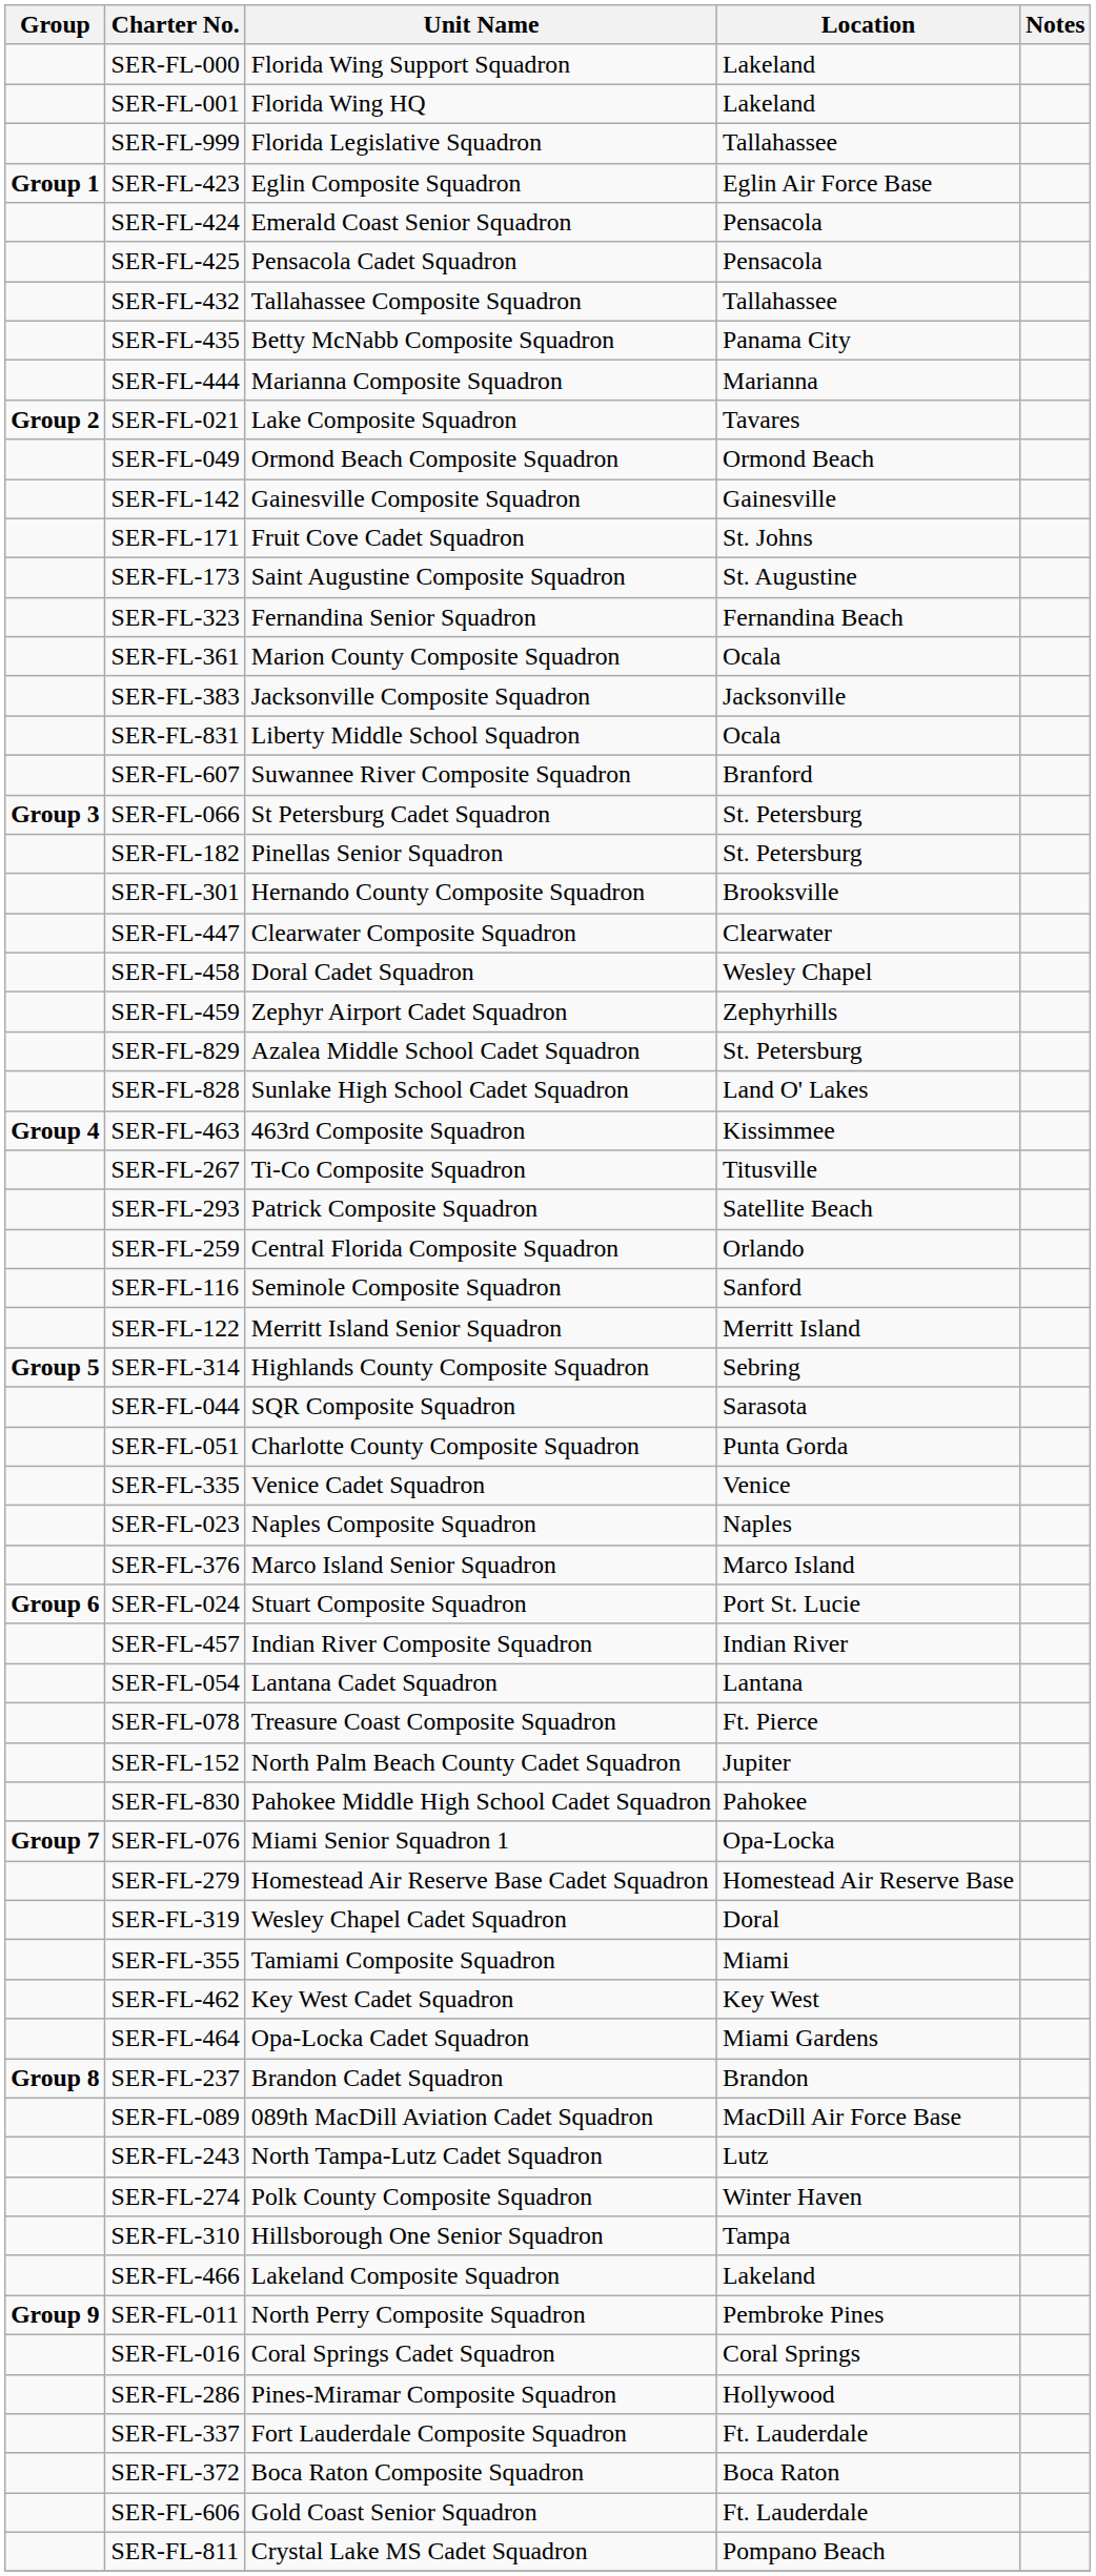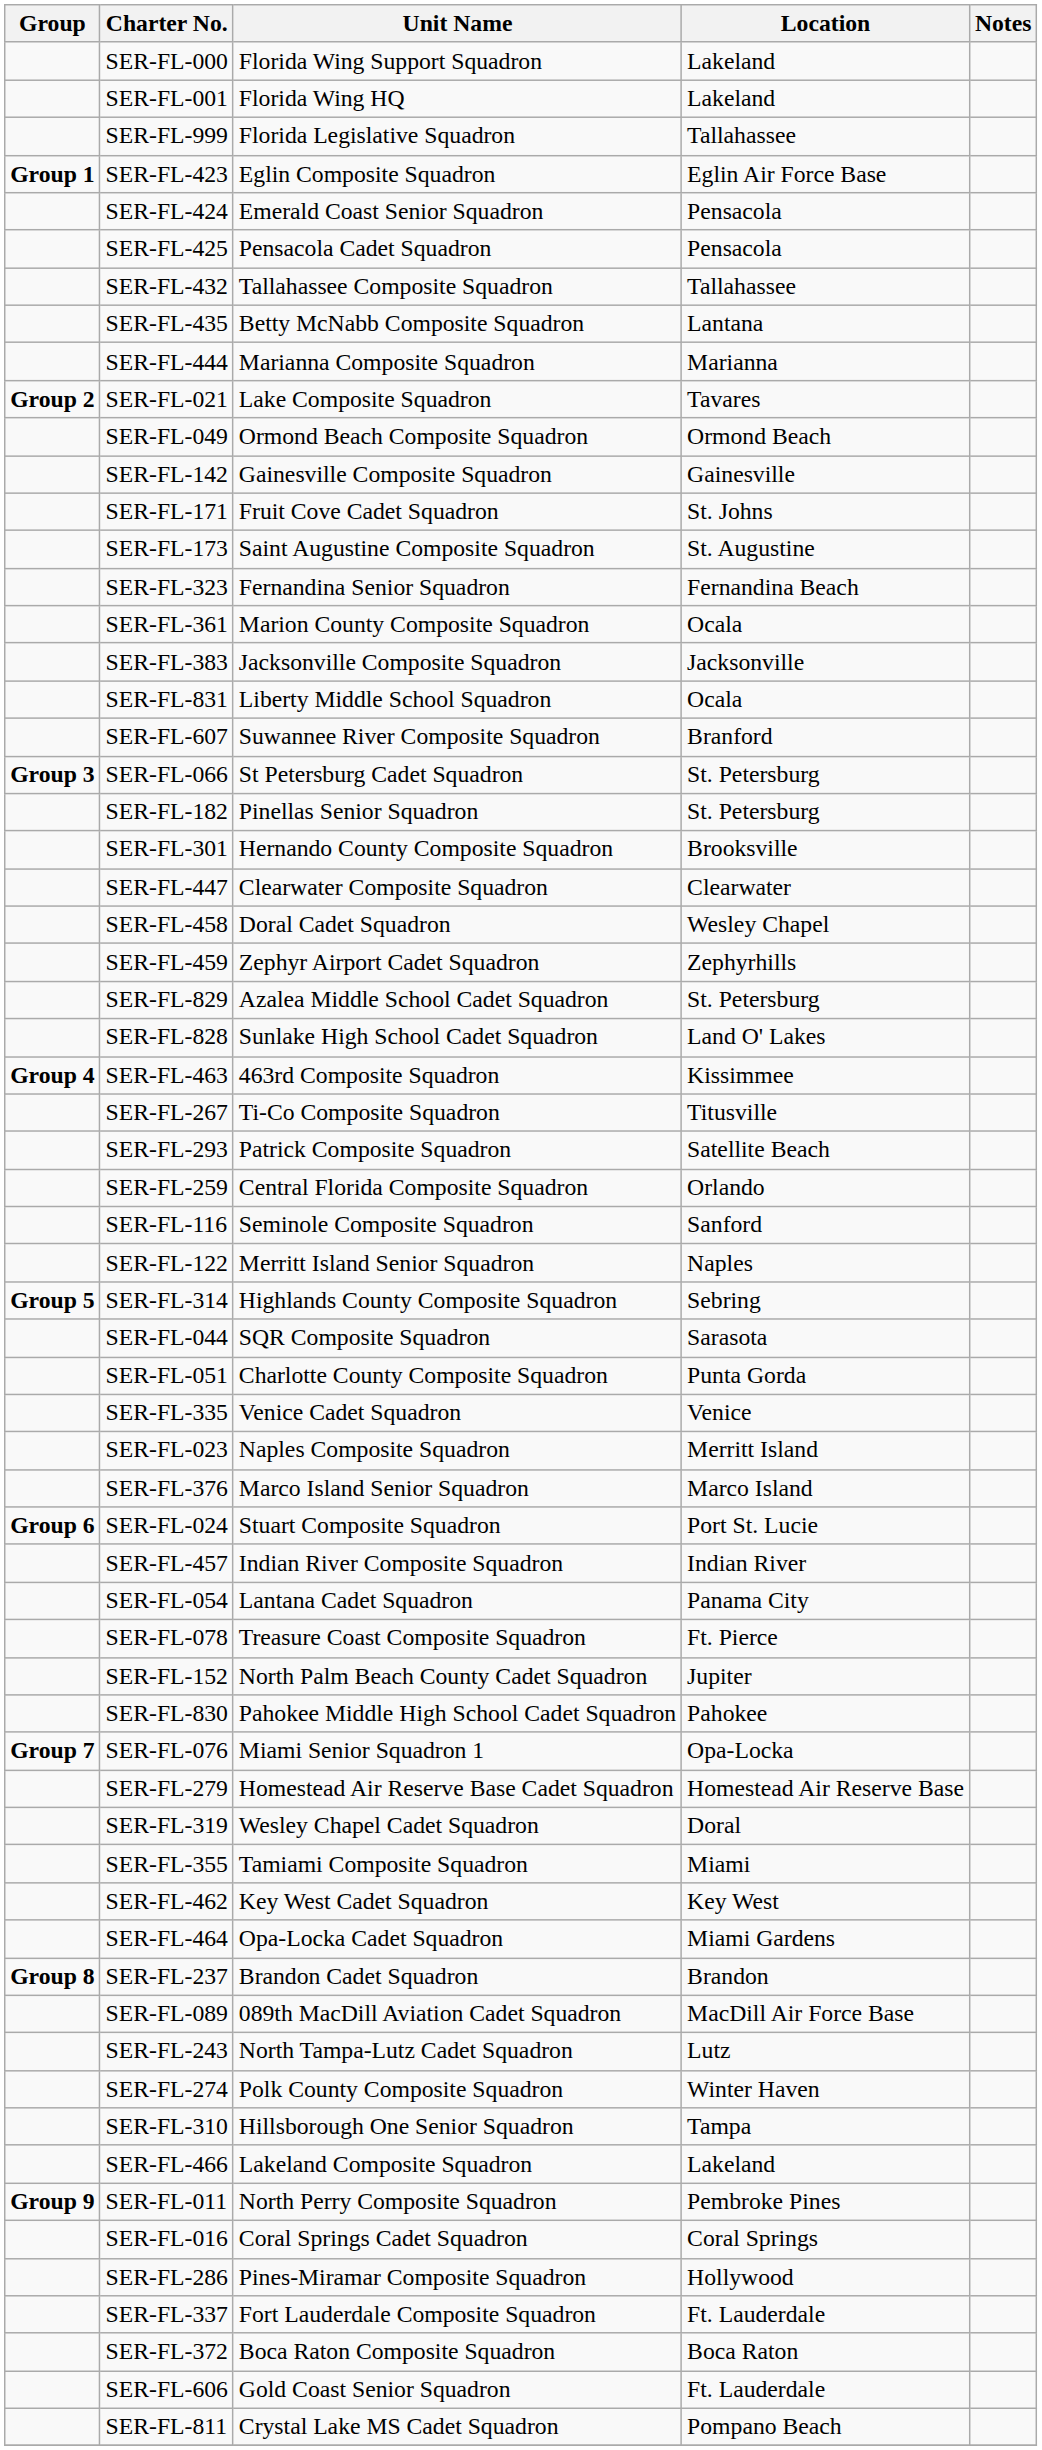 <table class="wikitable">
 <tr>
 <th>Group</th>
 <th>Charter No. </th>
 <th>Unit Name</th>
 <th>Location</th>
 <th>Notes</th>
 </tr>
 <tr>
 <td></td>
 <td>SER-FL-000</td>
 <td>Florida Wing Support Squadron</td>
 <td>Lakeland</td>
 <td></td>
 </tr>
 <tr>
 <td></td>
 <td>SER-FL-001</td>
 <td>Florida Wing HQ</td>
 <td>Lakeland</td>
 <td></td>
 </tr>
 <tr>
 <td></td>
 <td>SER-FL-999</td>
 <td>Florida Legislative Squadron</td>
 <td>Tallahassee</td>
 <td></td>
 </tr>
 <tr>
 <td><strong>Group 1</strong></td>
 <td>SER-FL-423</td>
 <td>Eglin Composite Squadron</td>
 <td>Eglin Air Force Base</td>
 <td></td>
 </tr>
 <tr>
 <td></td>
 <td>SER-FL-424</td>
 <td>Emerald Coast Senior Squadron</td>
 <td>Pensacola</td>
 <td></td>
 </tr>
 <tr>
 <td></td>
 <td>SER-FL-425</td>
 <td>Pensacola Cadet Squadron</td>
 <td>Pensacola</td>
 <td></td>
 </tr>
 <tr>
 <td></td>
 <td>SER-FL-432</td>
 <td>Tallahassee Composite Squadron</td>
 <td>Tallahassee</td>
 <td></td>
 </tr>
 <tr>
 <td></td>
 <td>SER-FL-435</td>
 <td>Betty McNabb Composite Squadron</td>
-<td>Panama City</td>
+<td>Lantana</td>
 <td></td>
 </tr>
 <tr>
 <td></td>
 <td>SER-FL-444</td>
 <td>Marianna Composite Squadron</td>
 <td>Marianna</td>
 <td></td>
 </tr>
 <tr>
 <td><strong>Group 2</strong></td>
 <td>SER-FL-021</td>
 <td>Lake Composite Squadron</td>
 <td>Tavares</td>
 <td></td>
 </tr>
 <tr>
 <td></td>
 <td>SER-FL-049</td>
 <td>Ormond Beach Composite Squadron</td>
 <td>Ormond Beach</td>
 <td></td>
 </tr>
 <tr>
 <td></td>
 <td>SER-FL-142</td>
 <td>Gainesville Composite Squadron</td>
 <td>Gainesville</td>
 <td></td>
 </tr>
 <tr>
 <td></td>
 <td>SER-FL-171</td>
 <td>Fruit Cove Cadet Squadron</td>
 <td>St. Johns</td>
 <td></td>
 </tr>
 <tr>
 <td></td>
 <td>SER-FL-173</td>
 <td>Saint Augustine Composite Squadron</td>
 <td>St. Augustine</td>
 <td></td>
 </tr>
 <tr>
 <td></td>
 <td>SER-FL-323</td>
 <td>Fernandina Senior Squadron</td>
 <td>Fernandina Beach</td>
 <td></td>
 </tr>
 <tr>
 <td></td>
 <td>SER-FL-361</td>
 <td>Marion County Composite Squadron</td>
 <td>Ocala</td>
 <td></td>
 </tr>
 <tr>
 <td></td>
 <td>SER-FL-383</td>
 <td>Jacksonville Composite Squadron</td>
 <td>Jacksonville</td>
 <td></td>
 </tr>
 <tr>
 <td></td>
 <td>SER-FL-831</td>
 <td>Liberty Middle School Squadron</td>
 <td>Ocala</td>
 <td></td>
 </tr>
 <tr>
 <td></td>
 <td>SER-FL-607</td>
 <td>Suwannee River Composite Squadron</td>
 <td>Branford</td>
 <td></td>
 </tr>
 <tr>
 <td><strong>Group 3</strong></td>
 <td>SER-FL-066</td>
 <td>St Petersburg Cadet Squadron</td>
 <td>St. Petersburg</td>
 <td></td>
 </tr>
 <tr>
 <td></td>
 <td>SER-FL-182</td>
 <td>Pinellas Senior Squadron</td>
 <td>St. Petersburg</td>
 <td></td>
 </tr>
 <tr>
 <td></td>
 <td>SER-FL-301</td>
 <td>Hernando County Composite Squadron</td>
 <td>Brooksville</td>
 <td></td>
 </tr>
 <tr>
 <td></td>
 <td>SER-FL-447</td>
 <td>Clearwater Composite Squadron</td>
 <td>Clearwater</td>
 <td></td>
 </tr>
 <tr>
 <td></td>
 <td>SER-FL-458</td>
 <td>Doral Cadet Squadron</td>
 <td>Wesley Chapel</td>
 <td></td>
 </tr>
 <tr>
 <td></td>
 <td>SER-FL-459</td>
 <td>Zephyr Airport Cadet Squadron</td>
 <td>Zephyrhills</td>
 <td></td>
 </tr>
 <tr>
 <td></td>
 <td>SER-FL-829</td>
 <td>Azalea Middle School Cadet Squadron</td>
 <td>St. Petersburg</td>
 <td></td>
 </tr>
 <tr>
 <td></td>
 <td>SER-FL-828</td>
 <td>Sunlake High School Cadet Squadron</td>
 <td>Land O' Lakes</td>
 <td></td>
 </tr>
 <tr>
 <td><strong>Group 4</strong></td>
 <td>SER-FL-463</td>
 <td>463rd Composite Squadron</td>
 <td>Kissimmee</td>
 <td></td>
 </tr>
 <tr>
 <td></td>
 <td>SER-FL-267</td>
 <td>Ti-Co Composite Squadron</td>
 <td>Titusville</td>
 <td></td>
 </tr>
 <tr>
 <td></td>
 <td>SER-FL-293</td>
 <td>Patrick Composite Squadron</td>
 <td>Satellite Beach</td>
 <td></td>
 </tr>
 <tr>
 <td></td>
 <td>SER-FL-259</td>
 <td>Central Florida Composite Squadron</td>
 <td>Orlando</td>
 <td></td>
 </tr>
 <tr>
 <td></td>
 <td>SER-FL-116</td>
 <td>Seminole Composite Squadron</td>
 <td>Sanford</td>
 <td></td>
 </tr>
 <tr>
 <td></td>
 <td>SER-FL-122</td>
 <td>Merritt Island Senior Squadron</td>
-<td>Merritt Island</td>
+<td>Naples</td>
 <td></td>
 </tr>
 <tr>
 <td><strong>Group 5</strong></td>
 <td>SER-FL-314</td>
 <td>Highlands County Composite Squadron</td>
 <td>Sebring</td>
 <td></td>
 </tr>
 <tr>
 <td></td>
 <td>SER-FL-044</td>
 <td>SQR Composite Squadron</td>
 <td>Sarasota</td>
 <td></td>
 </tr>
 <tr>
 <td></td>
 <td>SER-FL-051</td>
 <td>Charlotte County Composite Squadron</td>
 <td>Punta Gorda</td>
 <td></td>
 </tr>
 <tr>
 <td></td>
 <td>SER-FL-335</td>
 <td>Venice Cadet Squadron</td>
 <td>Venice</td>
 <td></td>
 </tr>
 <tr>
 <td></td>
 <td>SER-FL-023</td>
 <td>Naples Composite Squadron</td>
-<td>Naples</td>
+<td>Merritt Island</td>
 <td></td>
 </tr>
 <tr>
 <td></td>
 <td>SER-FL-376</td>
 <td>Marco Island Senior Squadron</td>
 <td>Marco Island</td>
 <td></td>
 </tr>
 <tr>
 <td><strong>Group 6</strong></td>
 <td>SER-FL-024</td>
 <td>Stuart Composite Squadron</td>
 <td>Port St. Lucie</td>
 <td></td>
 </tr>
 <tr>
 <td></td>
 <td>SER-FL-457</td>
 <td>Indian River Composite Squadron</td>
 <td>Indian River</td>
 <td></td>
 </tr>
 <tr>
 <td></td>
 <td>SER-FL-054</td>
 <td>Lantana Cadet Squadron</td>
-<td>Lantana</td>
+<td>Panama City</td>
 <td></td>
 </tr>
 <tr>
 <td></td>
 <td>SER-FL-078</td>
 <td>Treasure Coast Composite Squadron</td>
 <td>Ft. Pierce</td>
 <td></td>
 </tr>
 <tr>
 <td></td>
 <td>SER-FL-152</td>
 <td>North Palm Beach County Cadet Squadron</td>
 <td>Jupiter</td>
 <td></td>
 </tr>
 <tr>
 <td></td>
 <td>SER-FL-830</td>
 <td>Pahokee Middle High School Cadet Squadron</td>
 <td>Pahokee</td>
 <td></td>
 </tr>
 <tr>
 <td><strong>Group 7</strong></td>
 <td>SER-FL-076</td>
 <td>Miami Senior Squadron 1</td>
 <td>Opa-Locka</td>
 <td></td>
 </tr>
 <tr>
 <td></td>
 <td>SER-FL-279</td>
 <td>Homestead Air Reserve Base Cadet Squadron</td>
 <td>Homestead Air Reserve Base</td>
 <td></td>
 </tr>
 <tr>
 <td></td>
 <td>SER-FL-319</td>
 <td>Wesley Chapel Cadet Squadron</td>
 <td>Doral</td>
 <td></td>
 </tr>
 <tr>
 <td></td>
 <td>SER-FL-355</td>
 <td>Tamiami Composite Squadron</td>
 <td>Miami</td>
 <td></td>
 </tr>
 <tr>
 <td></td>
 <td>SER-FL-462</td>
 <td>Key West Cadet Squadron</td>
 <td>Key West</td>
 <td></td>
 </tr>
 <tr>
 <td></td>
 <td>SER-FL-464</td>
 <td>Opa-Locka Cadet Squadron</td>
 <td>Miami Gardens</td>
 <td></td>
 </tr>
 <tr>
 <td><strong>Group 8</strong></td>
 <td>SER-FL-237</td>
 <td>Brandon Cadet Squadron</td>
 <td>Brandon</td>
 <td></td>
 </tr>
 <tr>
 <td></td>
 <td>SER-FL-089</td>
 <td>089th MacDill Aviation Cadet Squadron</td>
 <td>MacDill Air Force Base</td>
 <td></td>
 </tr>
 <tr>
 <td></td>
 <td>SER-FL-243</td>
 <td>North Tampa-Lutz Cadet Squadron</td>
 <td>Lutz</td>
 <td></td>
 </tr>
 <tr>
 <td></td>
 <td>SER-FL-274</td>
 <td>Polk County Composite Squadron</td>
 <td>Winter Haven</td>
 <td></td>
 </tr>
 <tr>
 <td></td>
 <td>SER-FL-310</td>
 <td>Hillsborough One Senior Squadron</td>
 <td>Tampa</td>
 <td></td>
 </tr>
 <tr>
 <td></td>
 <td>SER-FL-466</td>
 <td>Lakeland Composite Squadron</td>
 <td>Lakeland</td>
 <td></td>
 </tr>
 <tr>
 <td><strong>Group 9</strong></td>
 <td>SER-FL-011</td>
 <td>North Perry Composite Squadron</td>
 <td>Pembroke Pines</td>
 <td></td>
 </tr>
 <tr>
 <td></td>
 <td>SER-FL-016</td>
 <td>Coral Springs Cadet Squadron</td>
 <td>Coral Springs</td>
 <td></td>
 </tr>
 <tr>
 <td></td>
 <td>SER-FL-286</td>
 <td>Pines-Miramar Composite Squadron</td>
 <td>Hollywood</td>
 <td></td>
 </tr>
 <tr>
 <td></td>
 <td>SER-FL-337</td>
 <td>Fort Lauderdale Composite Squadron</td>
 <td>Ft. Lauderdale</td>
 <td></td>
 </tr>
 <tr>
 <td></td>
 <td>SER-FL-372</td>
 <td>Boca Raton Composite Squadron</td>
 <td>Boca Raton</td>
 <td></td>
 </tr>
 <tr>
 <td></td>
 <td>SER-FL-606</td>
 <td>Gold Coast Senior Squadron</td>
 <td>Ft. Lauderdale</td>
 <td></td>
 </tr>
 <tr>
 <td></td>
 <td>SER-FL-811</td>
 <td>Crystal Lake MS Cadet Squadron</td>
 <td>Pompano Beach</td>
 <td></td>
 </tr>
 <tr>
 </tr>
 </table>
